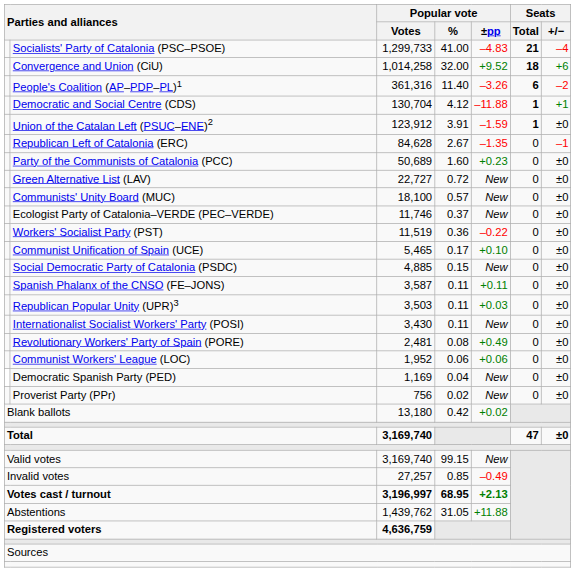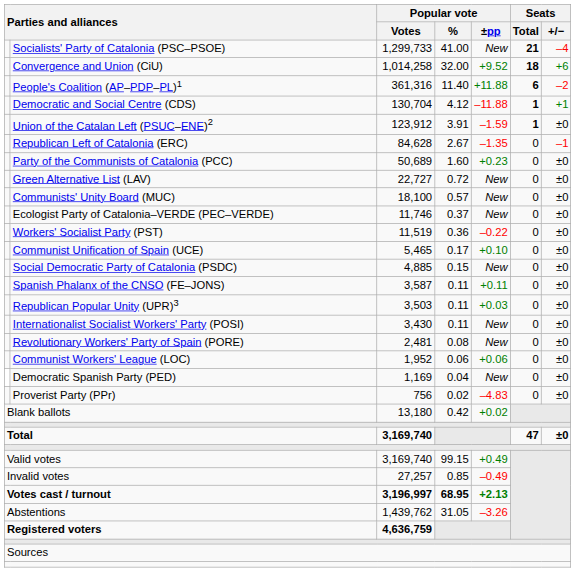 <table class="wikitable" style="text-align:right;">
 <tr>
 <th style="text-align:left;" rowspan="2" colspan="2" width="525">Parties and alliances</th>
 <th colspan="3">Popular vote</th>
 <th colspan="2">Seats</th>
 </tr>
 <tr>
 <th width="75">Votes</th>
 <th width="45">%</th>
 <th width="45">±<a href='#'>pp</a></th>
 <th width="35">Total</th>
 <th width="35">+/−</th>
 </tr>
 <tr>
 <td width="1" style="color:inherit;background:"></td>
 <td align="left"><a href='#'>Socialists' Party of Catalonia</a> (PSC–PSOE)</td>
 <td>1,299,733</td>
 <td>41.00</td>
-<td style="color:red;">–4.83</td>
+<td><em>New</em></td>
 <td><strong>21</strong></td>
 <td style="color:red;">–4</td>
 </tr>
 <tr>
 <td style="color:inherit;background:"></td>
 <td align="left"><a href='#'>Convergence and Union</a> (CiU)</td>
 <td>1,014,258</td>
 <td>32.00</td>
 <td style="color:green;">+9.52</td>
 <td><strong>18</strong></td>
 <td style="color:green;">+6</td>
 </tr>
 <tr>
 <td style="color:inherit;background:"></td>
 <td align="left"><a href='#'>People's Coalition</a> (<a href='#'>AP</a>–<a href='#'>PDP</a>–<a href='#'>PL</a>)<sup>1</sup></td>
 <td>361,316</td>
 <td>11.40</td>
-<td style="color:red;">–3.26</td>
+<td style="color:green;">+11.88</td>
 <td><strong>6</strong></td>
 <td style="color:red;">–2</td>
 </tr>
 <tr>
 <td style="color:inherit;background:"></td>
 <td align="left"><a href='#'>Democratic and Social Centre</a> (CDS)</td>
 <td>130,704</td>
 <td>4.12</td>
 <td style="color:red;">–11.88</td>
 <td><strong>1</strong></td>
 <td style="color:green;">+1</td>
 </tr>
 <tr>
 <td style="color:inherit;background:"></td>
 <td align="left"><a href='#'>Union of the Catalan Left</a> (<a href='#'>PSUC</a>–<a href='#'>ENE</a>)<sup>2</sup></td>
 <td>123,912</td>
 <td>3.91</td>
 <td style="color:red;">–1.59</td>
 <td><strong>1</strong></td>
 <td>±0</td>
 </tr>
 <tr>
 <td style="color:inherit;background:"></td>
 <td align="left"><a href='#'>Republican Left of Catalonia</a> (ERC)</td>
 <td>84,628</td>
 <td>2.67</td>
 <td style="color:red;">–1.35</td>
 <td>0</td>
 <td style="color:red;">–1</td>
 </tr>
 <tr>
 <td style="color:inherit;background:"></td>
 <td align="left"><a href='#'>Party of the Communists of Catalonia</a> (PCC)</td>
 <td>50,689</td>
 <td>1.60</td>
 <td style="color:green;">+0.23</td>
 <td>0</td>
 <td>±0</td>
 </tr>
 <tr>
 <td style="color:inherit;background:"></td>
 <td align="left"><a href='#'>Green Alternative List</a> (LAV)</td>
 <td>22,727</td>
 <td>0.72</td>
 <td><em>New</em></td>
 <td>0</td>
 <td>±0</td>
 </tr>
 <tr>
 <td style="color:inherit;background:"></td>
 <td align="left"><a href='#'>Communists' Unity Board</a> (MUC)</td>
 <td>18,100</td>
 <td>0.57</td>
 <td><em>New</em></td>
 <td>0</td>
 <td>±0</td>
 </tr>
 <tr>
 <td style="color:inherit;background:"></td>
 <td align="left">Ecologist Party of Catalonia–VERDE (PEC–VERDE)</td>
 <td>11,746</td>
 <td>0.37</td>
 <td><em>New</em></td>
 <td>0</td>
 <td>±0</td>
 </tr>
 <tr>
 <td style="color:inherit;background:"></td>
 <td align="left"><a href='#'>Workers' Socialist Party</a> (PST)</td>
 <td>11,519</td>
 <td>0.36</td>
 <td style="color:red;">–0.22</td>
 <td>0</td>
 <td>±0</td>
 </tr>
 <tr>
 <td style="color:inherit;background:"></td>
 <td align="left"><a href='#'>Communist Unification of Spain</a> (UCE)</td>
 <td>5,465</td>
 <td>0.17</td>
 <td style="color:green;">+0.10</td>
 <td>0</td>
 <td>±0</td>
 </tr>
 <tr>
 <td style="color:inherit;background:"></td>
 <td align="left"><a href='#'>Social Democratic Party of Catalonia</a> (PSDC)</td>
 <td>4,885</td>
 <td>0.15</td>
 <td><em>New</em></td>
 <td>0</td>
 <td>±0</td>
 </tr>
 <tr>
 <td style="color:inherit;background:"></td>
 <td align="left"><a href='#'>Spanish Phalanx of the CNSO</a> (FE–JONS)</td>
 <td>3,587</td>
 <td>0.11</td>
 <td style="color:green;">+0.11</td>
 <td>0</td>
 <td>±0</td>
 </tr>
 <tr>
 <td style="color:inherit;background:"></td>
 <td align="left"><a href='#'>Republican Popular Unity</a> (UPR)<sup>3</sup></td>
 <td>3,503</td>
 <td>0.11</td>
 <td style="color:green;">+0.03</td>
 <td>0</td>
 <td>±0</td>
 </tr>
 <tr>
 <td style="color:inherit;background:"></td>
 <td align="left"><a href='#'>Internationalist Socialist Workers' Party</a> (POSI)</td>
 <td>3,430</td>
 <td>0.11</td>
 <td><em>New</em></td>
 <td>0</td>
 <td>±0</td>
 </tr>
 <tr>
 <td style="color:inherit;background:"></td>
 <td align="left"><a href='#'>Revolutionary Workers' Party of Spain</a> (PORE)</td>
 <td>2,481</td>
 <td>0.08</td>
-<td style="color:green;">+0.49</td>
+<td><em>New</em></td>
 <td>0</td>
 <td>±0</td>
 </tr>
 <tr>
 <td style="color:inherit;background:"></td>
 <td align="left"><a href='#'>Communist Workers' League</a> (LOC)</td>
 <td>1,952</td>
 <td>0.06</td>
 <td style="color:green;">+0.06</td>
 <td>0</td>
 <td>±0</td>
 </tr>
 <tr>
 <td bgcolor="white"></td>
 <td align="left">Democratic Spanish Party (PED)</td>
 <td>1,169</td>
 <td>0.04</td>
 <td><em>New</em></td>
 <td>0</td>
 <td>±0</td>
 </tr>
 <tr>
 <td style="color:inherit;background:"></td>
 <td align="left">Proverist Party (PPr)</td>
 <td>756</td>
 <td>0.02</td>
-<td><em>New</em></td>
+<td style="color:red;">–4.83</td>
 <td>0</td>
 <td>±0</td>
 </tr>
 <tr>
 <td align="left" colspan="2">Blank ballots</td>
 <td>13,180</td>
 <td>0.42</td>
 <td style="color:green;">+0.02</td>
 <td bgcolor="#E9E9E9" colspan="2"></td>
 </tr>
 <tr>
 <td colspan="7" bgcolor="#E9E9E9"></td>
 </tr>
 <tr style="font-weight:bold;">
 <td align="left" colspan="2">Total</td>
 <td>3,169,740</td>
 <td bgcolor="#E9E9E9" colspan="2"></td>
 <td>47</td>
 <td>±0</td>
 </tr>
 <tr>
 <td colspan="7" bgcolor="#E9E9E9"></td>
 </tr>
 <tr>
 <td align="left" colspan="2">Valid votes</td>
 <td>3,169,740</td>
 <td>99.15</td>
-<td><em>New</em></td>
+<td style="color:green;">+0.49</td>
 <td bgcolor="#E9E9E9" colspan="2" rowspan="5"></td>
 </tr>
 <tr>
 <td align="left" colspan="2">Invalid votes</td>
 <td>27,257</td>
 <td>0.85</td>
 <td style="color:red;">–0.49</td>
 </tr>
 <tr style="font-weight:bold;">
 <td align="left" colspan="2">Votes cast / turnout</td>
 <td>3,196,997</td>
 <td>68.95</td>
 <td style="color:green;">+2.13</td>
 </tr>
 <tr>
 <td align="left" colspan="2">Abstentions</td>
 <td>1,439,762</td>
 <td>31.05</td>
-<td style="color:green;">+11.88</td>
+<td style="color:red;">–3.26</td>
 </tr>
 <tr style="font-weight:bold;">
 <td align="left" colspan="2">Registered voters</td>
 <td>4,636,759</td>
 <td bgcolor="#E9E9E9" colspan="2"></td>
 </tr>
 <tr>
 <td colspan="7" bgcolor="#E9E9E9"></td>
 </tr>
 <tr>
 <td align="left" colspan="7">Sources</td>
 </tr>
 <tr>
 <td colspan="7" style="text-align:left; max-width:790px;"></td>
 </tr>
 </table>
